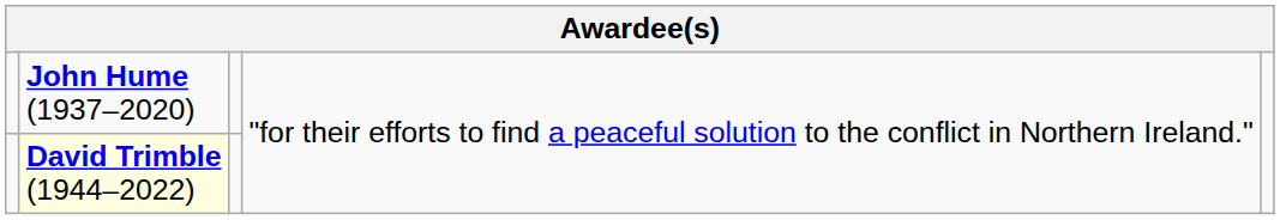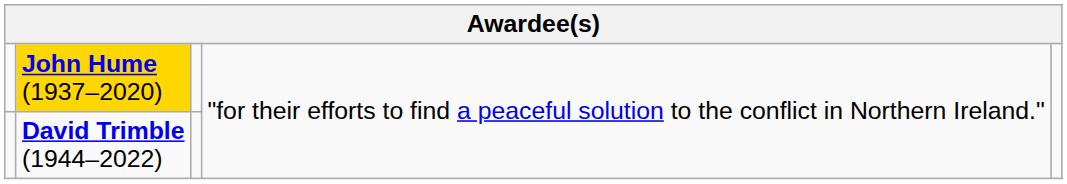 <table class="wikitable">
 <tr>
 <th colspan="5">Awardee(s)</th>
 </tr>
 <tr>
 <td></td>
-<td><strong><a href='#'>John Hume</a></strong><br>(1937–2020)</td>
+<td style="background: gold;"><strong><a href='#'>John Hume</a></strong><br>(1937–2020)</td>
 <td></td>
 <td rowspan="2">"for their efforts to find <a href='#'>a peaceful solution</a> to the conflict in Northern Ireland."</td>
 <td rowspan="2"></td>
 </tr>
 <tr>
 <td></td>
-<td style="background: lightyellow;"><strong><a href='#'>David Trimble</a></strong><br>(1944–2022)</td>
+<td><strong><a href='#'>David Trimble</a></strong><br>(1944–2022)</td>
 <td></td>
 </tr>
 </table>
